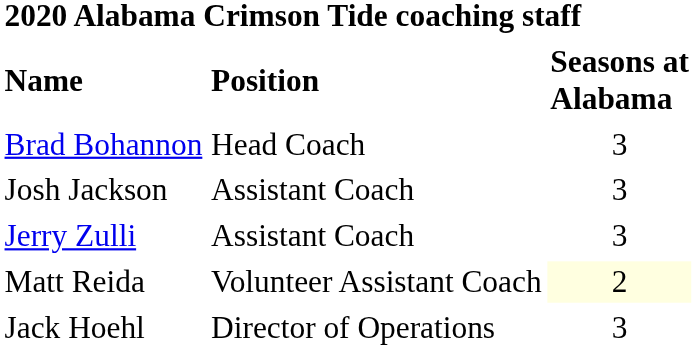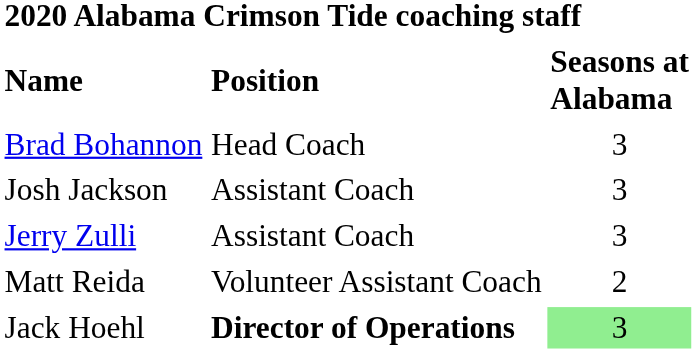 <table class="toccolours" style="text-align: left; font-size:90%;">
 <tr>
 <th colspan="9">2020 Alabama Crimson Tide coaching staff</th>
 </tr>
 <tr>
 <th>Name</th>
 <th>Position</th>
 <th>Seasons at<br>Alabama</th>
 </tr>
 <tr>
 <td><a href='#'>Brad Bohannon</a></td>
 <td>Head Coach</td>
 <td align=center>3</td>
 </tr>
 <tr>
 <td>Josh Jackson</td>
 <td>Assistant Coach</td>
 <td align=center>3</td>
 </tr>
 <tr>
 <td><a href='#'>Jerry Zulli</a></td>
 <td>Assistant Coach</td>
 <td align=center>3</td>
 </tr>
 <tr>
 <td>Matt Reida</td>
 <td>Volunteer Assistant Coach</td>
-<td align=center style="background: lightyellow;">2</td>
+<td align=center>2</td>
 </tr>
 <tr>
 <td>Jack Hoehl</td>
-<td>Director of Operations</td>
-<td align=center>3</td>
+<td><strong>Director of Operations</strong></td>
+<td align=center style="background: lightgreen;">3</td>
 </tr>
 </table>
